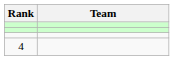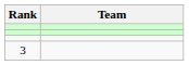 <table class="wikitable" style="text-align: center;">
 <tr>
 <th width=40>Rank</th>
 <th width=180>Team</th>
 </tr>
 <tr bgcolor="#ccffcc">
 <td></td>
 <td align="left"></td>
 </tr>
 <tr bgcolor="#ccffcc">
 <td></td>
 <td align="left"></td>
 </tr>
 <tr>
 <td></td>
 <td align="left"></td>
 </tr>
 <tr>
-<td>4</td>
+<td>3</td>
 <td align="left"></td>
 </tr>
 </table>
